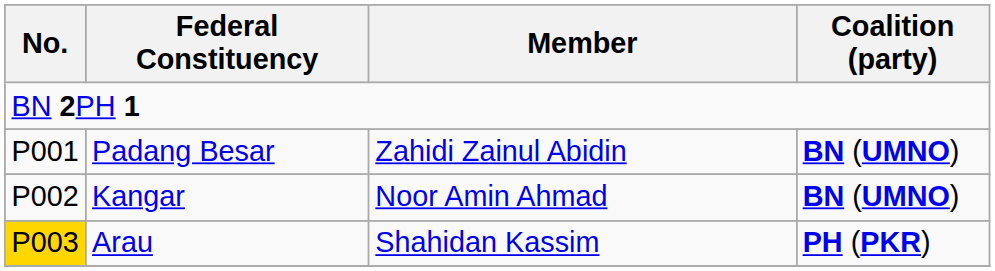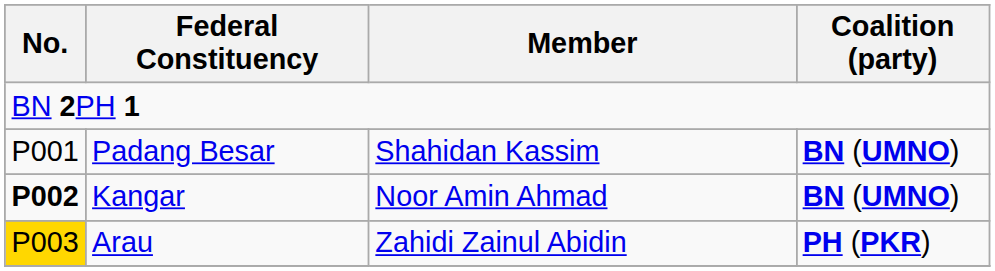 <table class="wikitable sortable">
 <tr>
 <th style="width:30px;">No.</th>
 <th style="width:150px;">Federal Constituency</th>
 <th style="width:230px;">Member</th>
 <th style="width:100px;">Coalition (party)</th>
 </tr>
 <tr>
 <td colspan="4"><a href='#'>BN</a> <strong>2</strong><a href='#'>PH</a> <strong>1</strong></td>
 </tr>
 <tr>
 <td>P001</td>
 <td><a href='#'>Padang Besar</a></td>
-<td><a href='#'>Zahidi Zainul Abidin</a></td>
+<td><a href='#'>Shahidan Kassim</a></td>
 <td><strong><a href='#'>BN</a></strong> (<strong><a href='#'>UMNO</a></strong>)</td>
 </tr>
 <tr>
-<td>P002</td>
+<td><strong>P002</strong></td>
 <td><a href='#'>Kangar</a></td>
 <td><a href='#'>Noor Amin Ahmad</a></td>
 <td><strong><a href='#'>BN</a></strong> (<strong><a href='#'>UMNO</a></strong>)</td>
 </tr>
 <tr>
 <td style="background: gold;">P003</td>
 <td><a href='#'>Arau</a></td>
-<td><a href='#'>Shahidan Kassim</a></td>
+<td><a href='#'>Zahidi Zainul Abidin</a></td>
 <td><strong><a href='#'>PH</a></strong> (<strong><a href='#'>PKR</a></strong>)</td>
 </tr>
 <tr>
 </tr>
 </table>
